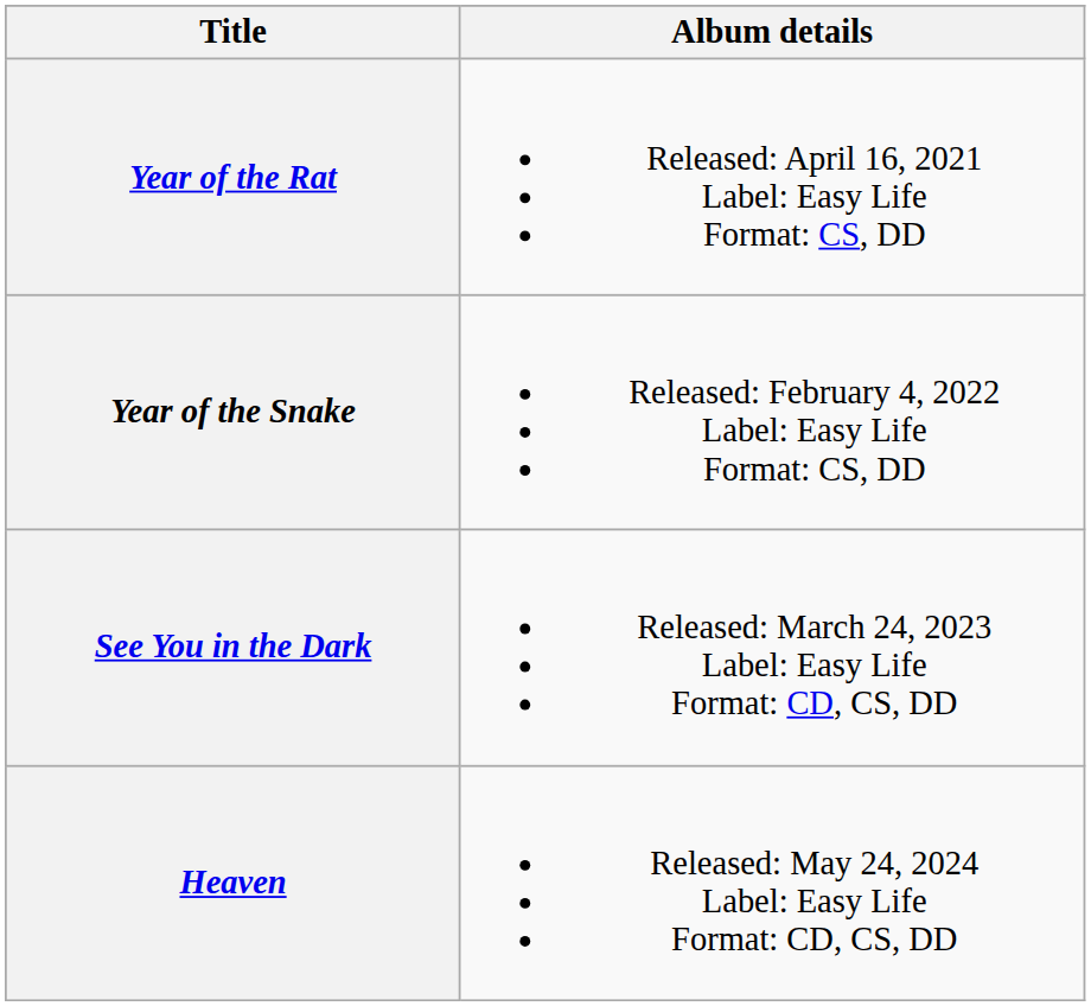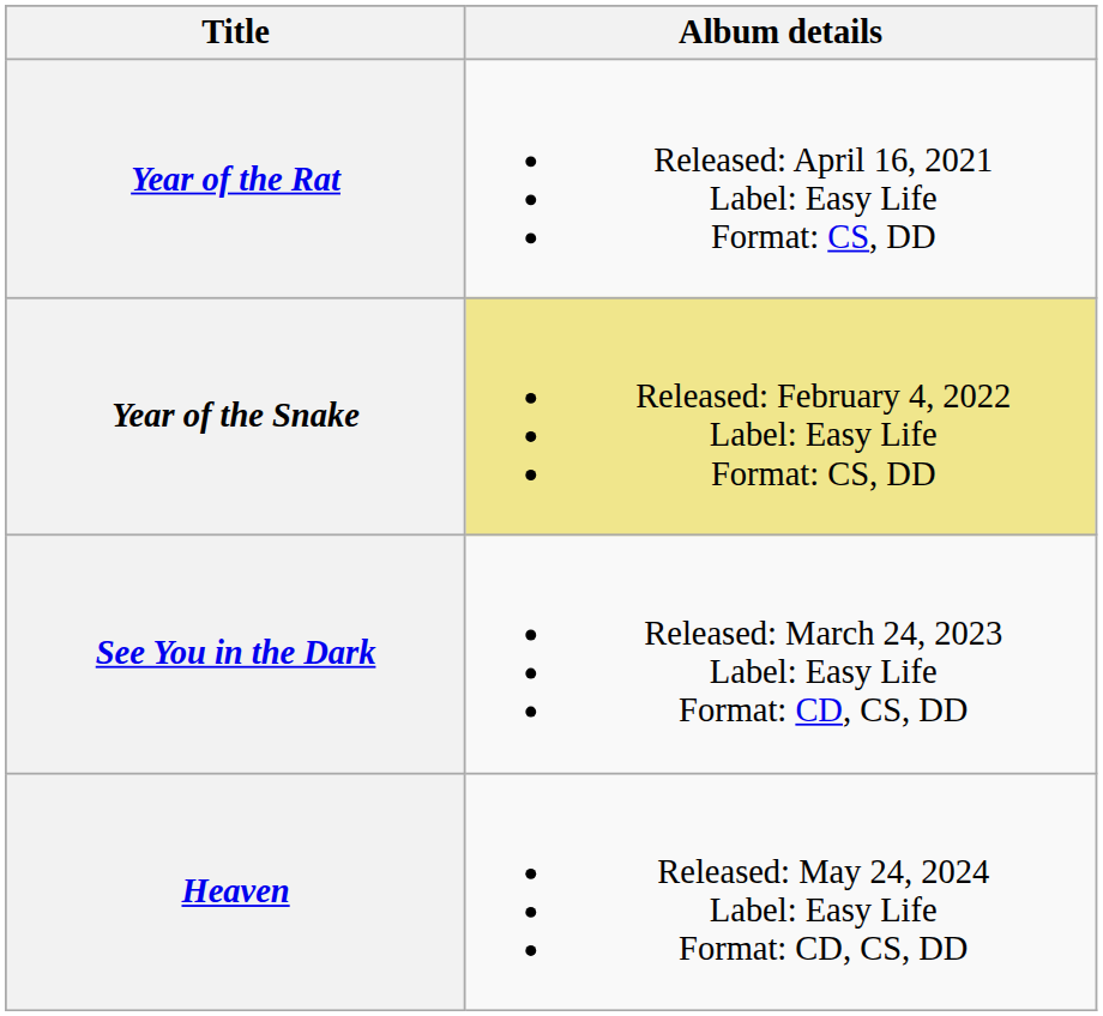 <table class="wikitable plainrowheaders" style="text-align:center;" border="1">
 <tr>
 <th scope="col" style="width:13em;">Title</th>
 <th scope="col" style="width:18em;">Album details</th>
 </tr>
 <tr>
 <th scope="row"><em><a href='#'>Year of the Rat</a></em></th>
 <td><br><ul><li>Released: April 16, 2021</li><li>Label: Easy Life</li><li>Format: <a href='#'>CS</a>, DD</li></ul></td>
 </tr>
 <tr>
 <th scope="row"><em>Year of the Snake</em></th>
-<td><br><ul><li>Released: February 4, 2022</li><li>Label: Easy Life</li><li>Format: CS, DD</li></ul></td>
+<td style="background: khaki;"><br><ul><li>Released: February 4, 2022</li><li>Label: Easy Life</li><li>Format: CS, DD</li></ul></td>
 </tr>
 <tr>
 <th scope="row"><em><a href='#'>See You in the Dark</a></em></th>
 <td><br><ul><li>Released: March 24, 2023</li><li>Label: Easy Life</li><li>Format: <a href='#'>CD</a>, CS, DD</li></ul></td>
 </tr>
 <tr>
 <th scope="row"><em><a href='#'>Heaven</a></em></th>
 <td><br><ul><li>Released: May 24, 2024</li><li>Label: Easy Life</li><li>Format: CD, CS, DD</li></ul></td>
 </tr>
 </table>
